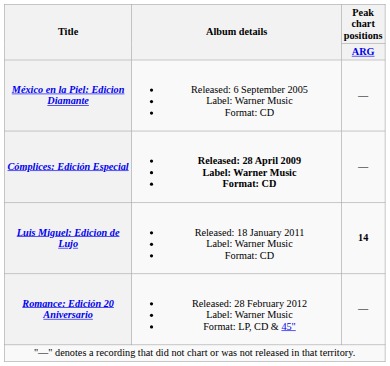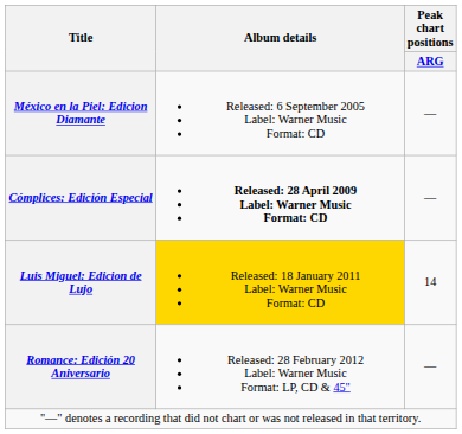 <table class="wikitable plainrowheaders" style="text-align:center;">
 <tr>
 <th scope="col" rowspan="2" style="width:12em;">Title</th>
 <th scope="col" rowspan="2" style="width:20em;">Album details</th>
 <th scope="col" colspan="1">Peak chart positions</th>
 </tr>
 <tr>
 <th scope="col" style="width:3em;font-size:100%;"><a href='#'>ARG</a><br></th>
 </tr>
 <tr>
 <th scope="row"><em><a href='#'>México en la Piel: Edicion Diamante</a></em></th>
 <td><br><ul><li>Released: 6 September 2005</li><li>Label: Warner Music</li><li>Format: CD</li></ul></td>
 <td>—</td>
 </tr>
 <tr>
 <th scope="row"><em><a href='#'>Cómplices: Edición Especial</a></em></th>
 <td><strong><br><ul><li>Released: 28 April 2009</li><li>Label: Warner Music</li><li>Format: CD</li></ul></strong></td>
 <td>—</td>
 </tr>
 <tr>
 <th scope="row"><em><a href='#'>Luis Miguel: Edicion de Lujo</a></em></th>
-<td><br><ul><li>Released: 18 January 2011</li><li>Label: Warner Music</li><li>Format: CD</li></ul></td>
-<td><strong>14</strong></td>
+<td style="background: gold;"><br><ul><li>Released: 18 January 2011</li><li>Label: Warner Music</li><li>Format: CD</li></ul></td>
+<td>14</td>
 </tr>
 <tr>
 <th scope="row"><em><a href='#'>Romance: Edición 20 Aniversario</a></em></th>
 <td><br><ul><li>Released: 28 February 2012</li><li>Label: Warner Music</li><li>Format: LP, CD & <a href='#'>45"</a></li></ul></td>
 <td>—</td>
 </tr>
 <tr>
 <td colspan="14" style="font-size:100%">"—" denotes a recording that did not chart or was not released in that territory.</td>
 </tr>
 </table>
